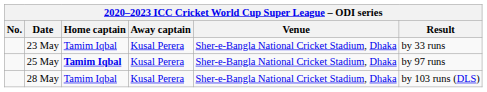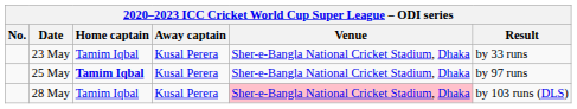 <table class="wikitable">
 <tr>
 <th colspan="9"><a href='#'>2020–2023 ICC Cricket World Cup Super League</a> – ODI series</th>
 </tr>
 <tr>
 <th>No.</th>
 <th>Date</th>
 <th>Home captain</th>
 <th>Away captain</th>
 <th>Venue</th>
 <th>Result</th>
 </tr>
 <tr>
 <td></td>
 <td>23 May</td>
 <td><a href='#'>Tamim Iqbal</a></td>
 <td><a href='#'>Kusal Perera</a></td>
 <td><a href='#'>Sher-e-Bangla National Cricket Stadium</a>, <a href='#'>Dhaka</a></td>
 <td> by 33 runs</td>
 </tr>
 <tr>
 <td></td>
 <td>25 May</td>
 <td><strong><a href='#'>Tamim Iqbal</a></strong></td>
 <td><a href='#'>Kusal Perera</a></td>
 <td><a href='#'>Sher-e-Bangla National Cricket Stadium</a>, <a href='#'>Dhaka</a></td>
 <td> by 97 runs</td>
 </tr>
 <tr>
 <td></td>
 <td>28 May</td>
 <td><a href='#'>Tamim Iqbal</a></td>
 <td><a href='#'>Kusal Perera</a></td>
-<td><a href='#'>Sher-e-Bangla National Cricket Stadium</a>, <a href='#'>Dhaka</a></td>
+<td style="background: pink;"><a href='#'>Sher-e-Bangla National Cricket Stadium</a>, <a href='#'>Dhaka</a></td>
 <td> by 103 runs (<a href='#'>DLS</a>)</td>
 </tr>
 </table>
